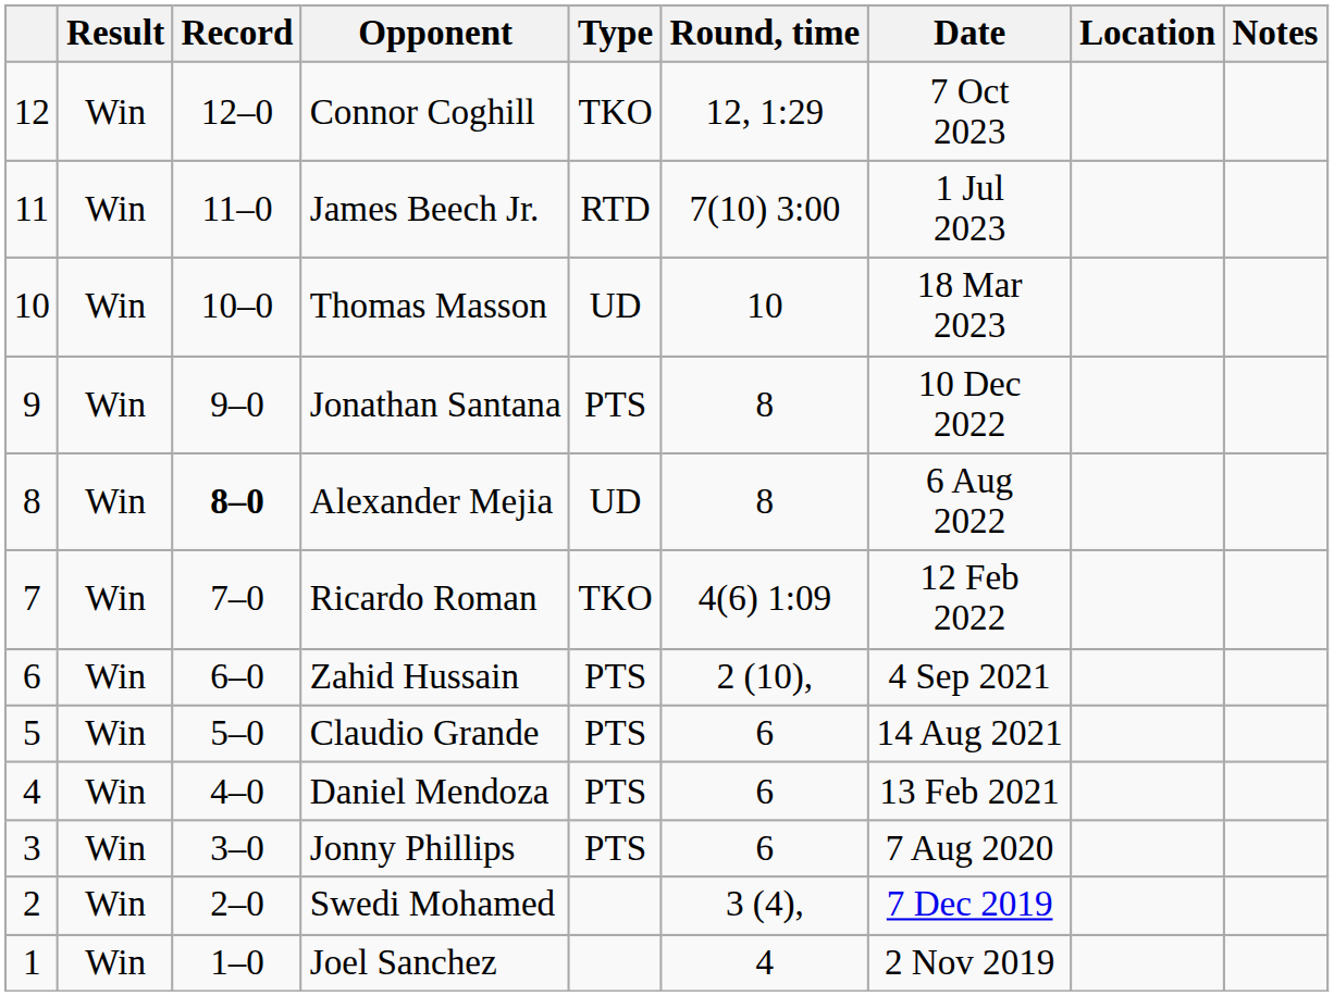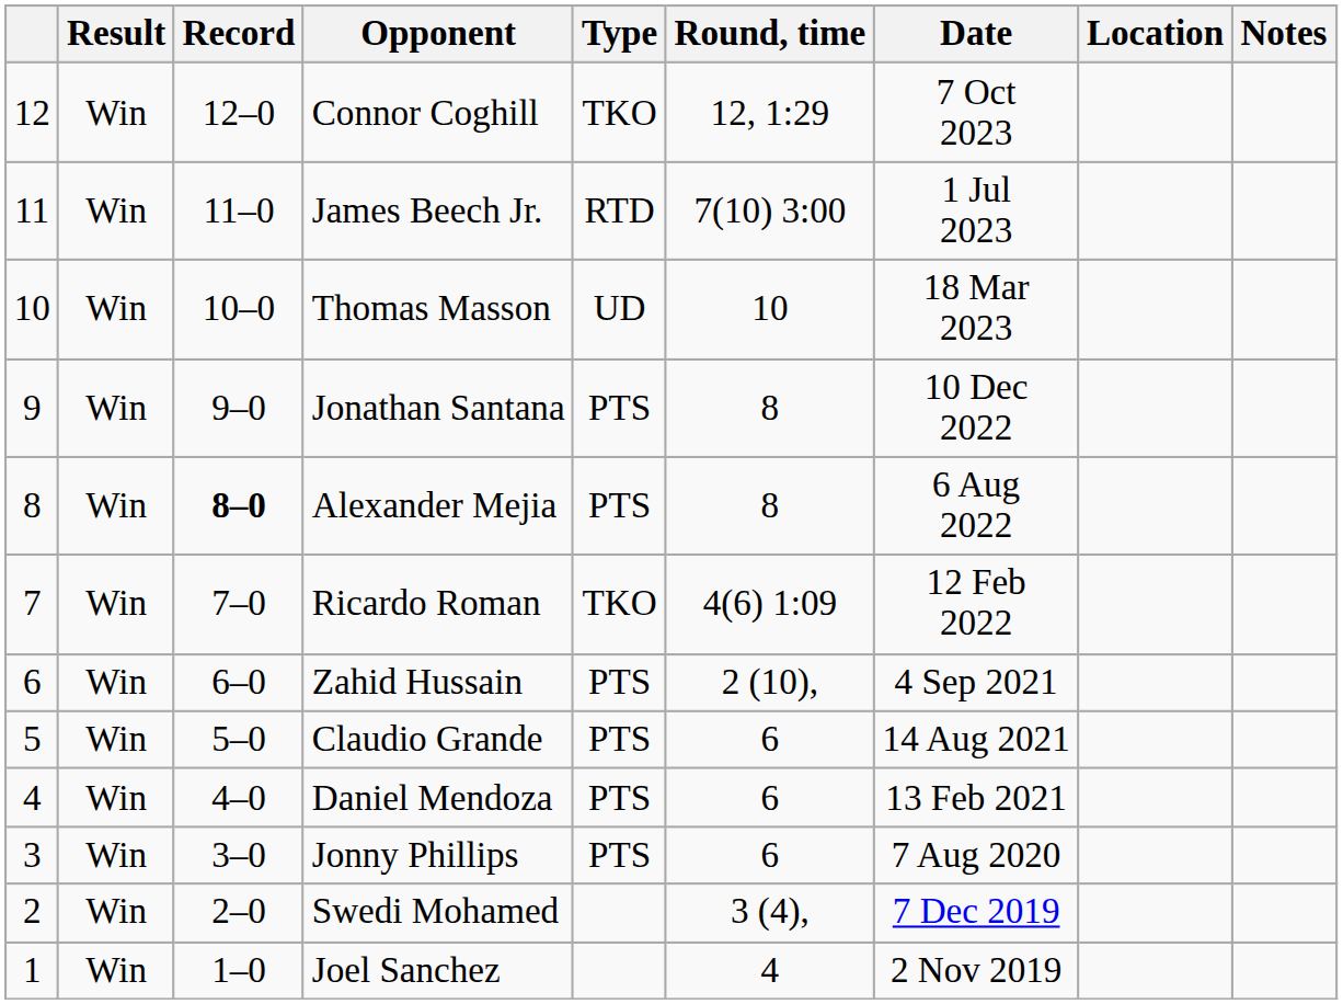 <table class="wikitable" style="text-align:center">
 <tr>
 <th></th>
 <th>Result</th>
 <th>Record</th>
 <th>Opponent</th>
 <th>Type</th>
 <th>Round, time</th>
 <th>Date</th>
 <th>Location</th>
 <th>Notes</th>
 </tr>
 <tr>
 <td>12</td>
 <td>Win</td>
 <td>12–0</td>
 <td align=left> Connor Coghill</td>
 <td>TKO</td>
 <td>12, 1:29</td>
 <td>7 Oct<br>2023</td>
 <td align=left></td>
 <td align=left></td>
 </tr>
 <tr>
 <td>11</td>
 <td>Win</td>
 <td>11–0</td>
 <td align=left> James Beech Jr.</td>
 <td>RTD</td>
 <td>7(10) 3:00</td>
 <td>1 Jul<br>2023</td>
 <td align=left></td>
 <td align=left></td>
 </tr>
 <tr>
 <td>10</td>
 <td>Win</td>
 <td>10–0</td>
 <td align=left> Thomas Masson</td>
 <td>UD</td>
 <td>10</td>
 <td>18 Mar<br>2023</td>
 <td align=left></td>
 <td></td>
 </tr>
 <tr>
 <td>9</td>
 <td>Win</td>
 <td>9–0</td>
 <td align=left> Jonathan Santana</td>
 <td>PTS</td>
 <td>8</td>
 <td>10 Dec<br>2022</td>
 <td align=left></td>
 <td align=left></td>
 </tr>
 <tr>
 <td>8</td>
 <td>Win</td>
 <td><strong>8–0</strong></td>
 <td align=left> Alexander Mejia</td>
-<td>UD</td>
+<td>PTS</td>
 <td>8</td>
 <td>6 Aug<br>2022</td>
 <td align=left></td>
 <td></td>
 </tr>
 <tr>
 <td>7</td>
 <td>Win</td>
 <td>7–0</td>
 <td align=left> Ricardo Roman</td>
 <td>TKO</td>
 <td>4(6) 1:09</td>
 <td>12 Feb<br>2022</td>
 <td align=left></td>
 <td align=left></td>
 </tr>
 <tr>
 <td>6</td>
 <td>Win</td>
 <td>6–0</td>
 <td align=left> Zahid Hussain</td>
 <td>PTS</td>
 <td>2 (10), </td>
 <td>4 Sep 2021</td>
 <td align=left></td>
 <td align=left></td>
 </tr>
 <tr>
 <td>5</td>
 <td>Win</td>
 <td>5–0</td>
 <td align=left> Claudio Grande</td>
 <td>PTS</td>
 <td>6</td>
 <td>14 Aug 2021</td>
 <td align=left></td>
 <td></td>
 </tr>
 <tr>
 <td>4</td>
 <td>Win</td>
 <td>4–0</td>
 <td align=left> Daniel Mendoza</td>
 <td>PTS</td>
 <td>6</td>
 <td>13 Feb 2021</td>
 <td align=left></td>
 <td></td>
 </tr>
 <tr>
 <td>3</td>
 <td>Win</td>
 <td>3–0</td>
 <td align=left> Jonny Phillips</td>
 <td>PTS</td>
 <td>6</td>
 <td>7 Aug 2020</td>
 <td align=left></td>
 <td></td>
 </tr>
 <tr>
 <td>2</td>
 <td>Win</td>
 <td>2–0</td>
 <td align=left> Swedi Mohamed</td>
 <td></td>
 <td>3 (4), </td>
 <td><a href='#'>7 Dec 2019</a></td>
 <td align=left></td>
 <td></td>
 </tr>
 <tr>
 <td>1</td>
 <td>Win</td>
 <td>1–0</td>
 <td align=left> Joel Sanchez</td>
 <td></td>
 <td>4</td>
 <td>2 Nov 2019</td>
 <td align=left></td>
 <td></td>
 </tr>
 <tr>
 </tr>
 </table>
